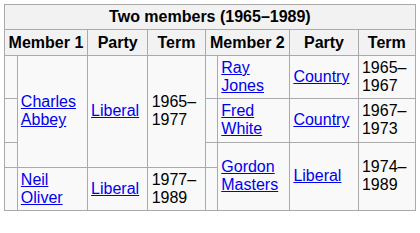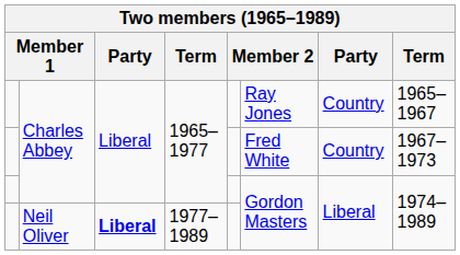 <table class="wikitable" width="66%">
 <tr>
 <th colspan="8">Two members (1965–1989)</th>
 </tr>
 <tr>
 <th colspan="2" width="15%">Member 1</th>
 <th width="9%">Party</th>
 <th width="9%">Term</th>
 <th colspan="2" width="15%">Member 2</th>
 <th width="9%">Party</th>
 <th width="9%">Term</th>
 </tr>
 <tr>
 <td> </td>
 <td rowspan="3"><a href='#'>Charles Abbey</a></td>
 <td rowspan="3"><a href='#'>Liberal</a></td>
 <td rowspan="3">1965–1977</td>
 <td> </td>
 <td><a href='#'>Ray Jones</a></td>
 <td><a href='#'>Country</a></td>
 <td>1965–1967</td>
 </tr>
 <tr>
 <td> </td>
 <td> </td>
 <td><a href='#'>Fred White</a></td>
 <td><a href='#'>Country</a></td>
 <td>1967–1973</td>
 </tr>
 <tr>
 <td> </td>
 <td> </td>
 <td rowspan="2"><a href='#'>Gordon Masters</a></td>
 <td rowspan="2"><a href='#'>Liberal</a></td>
 <td rowspan="2">1974–1989</td>
 </tr>
 <tr>
 <td> </td>
 <td><a href='#'>Neil Oliver</a></td>
-<td><a href='#'>Liberal</a></td>
+<td><strong><a href='#'>Liberal</a></strong></td>
 <td>1977–1989</td>
 <td> </td>
 </tr>
 </table>
